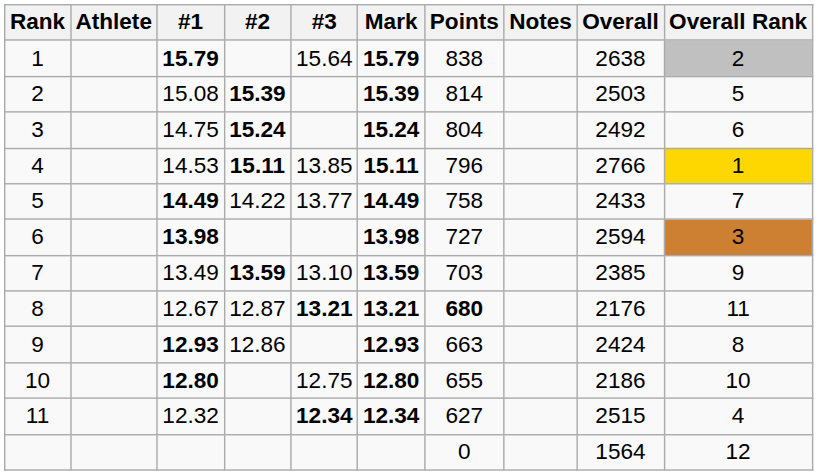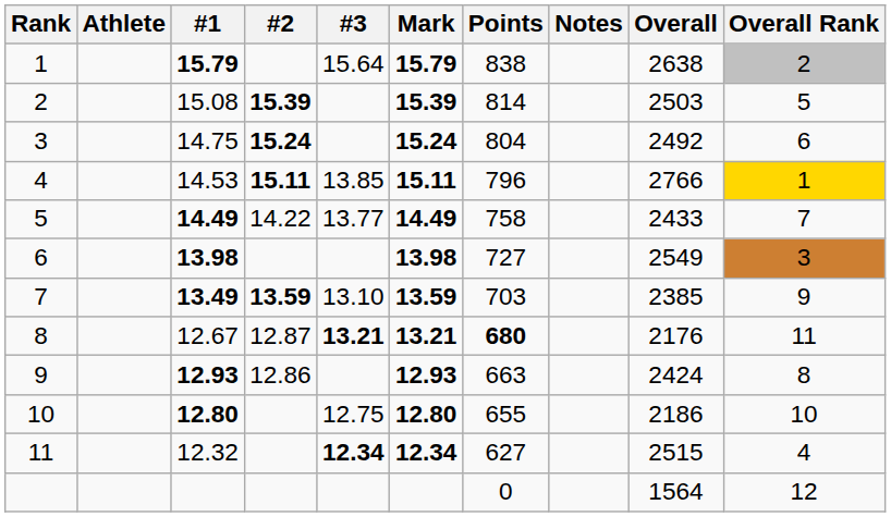 <table class="wikitable sortable" style="text-align:center">
 <tr>
 <th>Rank</th>
 <th>Athlete</th>
 <th>#1</th>
 <th>#2</th>
 <th>#3</th>
 <th>Mark</th>
 <th>Points</th>
 <th>Notes</th>
 <th>Overall</th>
 <th>Overall Rank</th>
 </tr>
 <tr>
 <td>1</td>
 <td align="left"></td>
 <td><strong>15.79</strong></td>
 <td></td>
 <td>15.64</td>
 <td><strong>15.79</strong></td>
 <td>838</td>
 <td></td>
 <td>2638</td>
 <td style="background-color:#c0c0c0">2</td>
 </tr>
 <tr>
 <td>2</td>
 <td align="left"></td>
 <td>15.08</td>
 <td><strong>15.39</strong></td>
 <td></td>
 <td><strong>15.39</strong></td>
 <td>814</td>
 <td></td>
 <td>2503</td>
 <td>5</td>
 </tr>
 <tr>
 <td>3</td>
 <td align="left"></td>
 <td>14.75</td>
 <td><strong>15.24</strong></td>
 <td></td>
 <td><strong>15.24</strong></td>
 <td>804</td>
 <td></td>
 <td>2492</td>
 <td>6</td>
 </tr>
 <tr>
 <td>4</td>
 <td align="left"></td>
 <td>14.53</td>
 <td><strong>15.11</strong></td>
 <td>13.85</td>
 <td><strong>15.11</strong></td>
 <td>796</td>
 <td></td>
 <td>2766</td>
 <td style="background-color:#ffd700">1</td>
 </tr>
 <tr>
 <td>5</td>
 <td align="left"></td>
 <td><strong>14.49</strong></td>
 <td>14.22</td>
 <td>13.77</td>
 <td><strong>14.49</strong></td>
 <td>758</td>
 <td></td>
 <td>2433</td>
 <td>7</td>
 </tr>
 <tr>
 <td>6</td>
 <td align="left"></td>
 <td><strong>13.98</strong></td>
 <td></td>
 <td></td>
 <td><strong>13.98</strong></td>
 <td>727</td>
 <td></td>
-<td>2594</td>
+<td>2549</td>
 <td style="background-color:#cd7f32">3</td>
 </tr>
 <tr>
 <td>7</td>
 <td align="left"></td>
-<td>13.49</td>
+<td><strong>13.49</strong></td>
 <td><strong>13.59</strong></td>
 <td>13.10</td>
 <td><strong>13.59</strong></td>
 <td>703</td>
 <td></td>
 <td>2385</td>
 <td>9</td>
 </tr>
 <tr>
 <td>8</td>
 <td align="left"></td>
 <td>12.67</td>
 <td>12.87</td>
 <td><strong>13.21</strong></td>
 <td><strong>13.21</strong></td>
 <td><strong>680</strong></td>
 <td></td>
 <td>2176</td>
 <td>11</td>
 </tr>
 <tr>
 <td>9</td>
 <td align="left"></td>
 <td><strong>12.93</strong></td>
 <td>12.86</td>
 <td></td>
 <td><strong>12.93</strong></td>
 <td>663</td>
 <td></td>
 <td>2424</td>
 <td>8</td>
 </tr>
 <tr>
 <td>10</td>
 <td align="left"></td>
 <td><strong>12.80</strong></td>
 <td></td>
 <td>12.75</td>
 <td><strong>12.80</strong></td>
 <td>655</td>
 <td></td>
 <td>2186</td>
 <td>10</td>
 </tr>
 <tr>
 <td>11</td>
 <td align="left"></td>
 <td>12.32</td>
 <td></td>
 <td><strong>12.34</strong></td>
 <td><strong>12.34</strong></td>
 <td>627</td>
 <td></td>
 <td>2515</td>
 <td>4</td>
 </tr>
 <tr>
 <td></td>
 <td align="left"></td>
 <td></td>
 <td></td>
 <td></td>
 <td><strong></strong></td>
 <td>0</td>
 <td></td>
 <td>1564</td>
 <td>12</td>
 </tr>
 </table>
